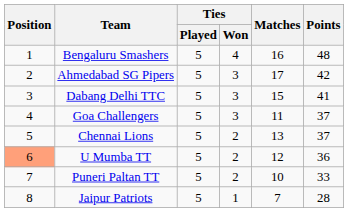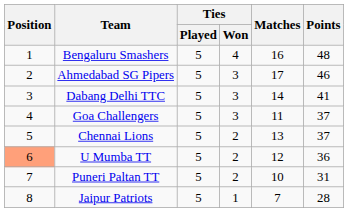 <table class="wikitable sortable" style="text-align:center;">
 <tr>
 <th rowspan=2>Position</th>
 <th rowspan=2>Team</th>
 <th colspan=2>Ties</th>
 <th rowspan=2>Matches</th>
 <th rowspan=2>Points</th>
 </tr>
 <tr>
 <th>Played</th>
 <th>Won</th>
 </tr>
 <tr>
 <td>1</td>
 <td><a href='#'>Bengaluru Smashers</a></td>
 <td>5</td>
 <td>4</td>
 <td>16</td>
 <td>48</td>
 </tr>
 <tr>
 <td>2</td>
 <td><a href='#'>Ahmedabad SG Pipers</a></td>
 <td>5</td>
 <td>3</td>
 <td>17</td>
-<td>42</td>
+<td>46</td>
 </tr>
 <tr>
 <td>3</td>
 <td><a href='#'>Dabang Delhi TTC</a></td>
 <td>5</td>
 <td>3</td>
-<td>15</td>
+<td>14</td>
 <td>41</td>
 </tr>
 <tr>
 <td>4</td>
 <td><a href='#'>Goa Challengers</a></td>
 <td>5</td>
 <td>3</td>
 <td>11</td>
 <td>37</td>
 </tr>
 <tr>
 <td>5</td>
 <td><a href='#'>Chennai Lions</a></td>
 <td>5</td>
 <td>2</td>
 <td>13</td>
 <td>37</td>
 </tr>
 <tr>
 <td style="background: lightsalmon;">6</td>
 <td><a href='#'>U Mumba TT</a></td>
 <td>5</td>
 <td>2</td>
 <td>12</td>
 <td>36</td>
 </tr>
 <tr>
 <td>7</td>
 <td><a href='#'>Puneri Paltan TT</a></td>
 <td>5</td>
 <td>2</td>
 <td>10</td>
-<td>33</td>
+<td>31</td>
 </tr>
 <tr>
 <td>8</td>
 <td><a href='#'>Jaipur Patriots</a></td>
 <td>5</td>
 <td>1</td>
 <td>7</td>
 <td>28</td>
 </tr>
 </table>
